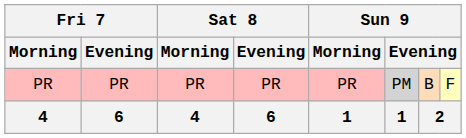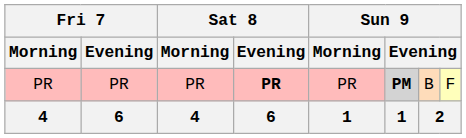 <table class="wikitable" style="margin:0.5em auto; line-height:1.5em;">
 <tr>
 <th colspan="2">Fri 7</th>
 <th colspan="2">Sat 8</th>
 <th colspan="4">Sun 9</th>
 </tr>
 <tr>
 <th>Morning</th>
 <th>Evening</th>
 <th>Morning</th>
 <th>Evening</th>
 <th>Morning</th>
 <th colspan="3">Evening</th>
 </tr>
 <tr align=center>
 <td style="background-color:#FFBBBB;">PR</td>
 <td style="background-color:#FFBBBB;">PR</td>
 <td style="background-color:#FFBBBB;">PR</td>
+<td style="background-color:#FFBBBB;"><strong>PR</strong></td>
 <td style="background-color:#FFBBBB;">PR</td>
-<td style="background-color:#FFBBBB;">PR</td>
-<td style="background-color:#D3D3D3;">PM</td>
+<td style="background-color:#D3D3D3;"><strong>PM</strong></td>
 <td style="background-color:#FEDCBA;">B</td>
 <td style="background-color:#FFFFBB;">F</td>
 </tr>
 <tr>
 <th>4 </th>
 <th>6 </th>
 <th>4 </th>
 <th>6 </th>
 <th>1 </th>
 <th>1 </th>
 <th colspan="2">2 </th>
 </tr>
 </table>
